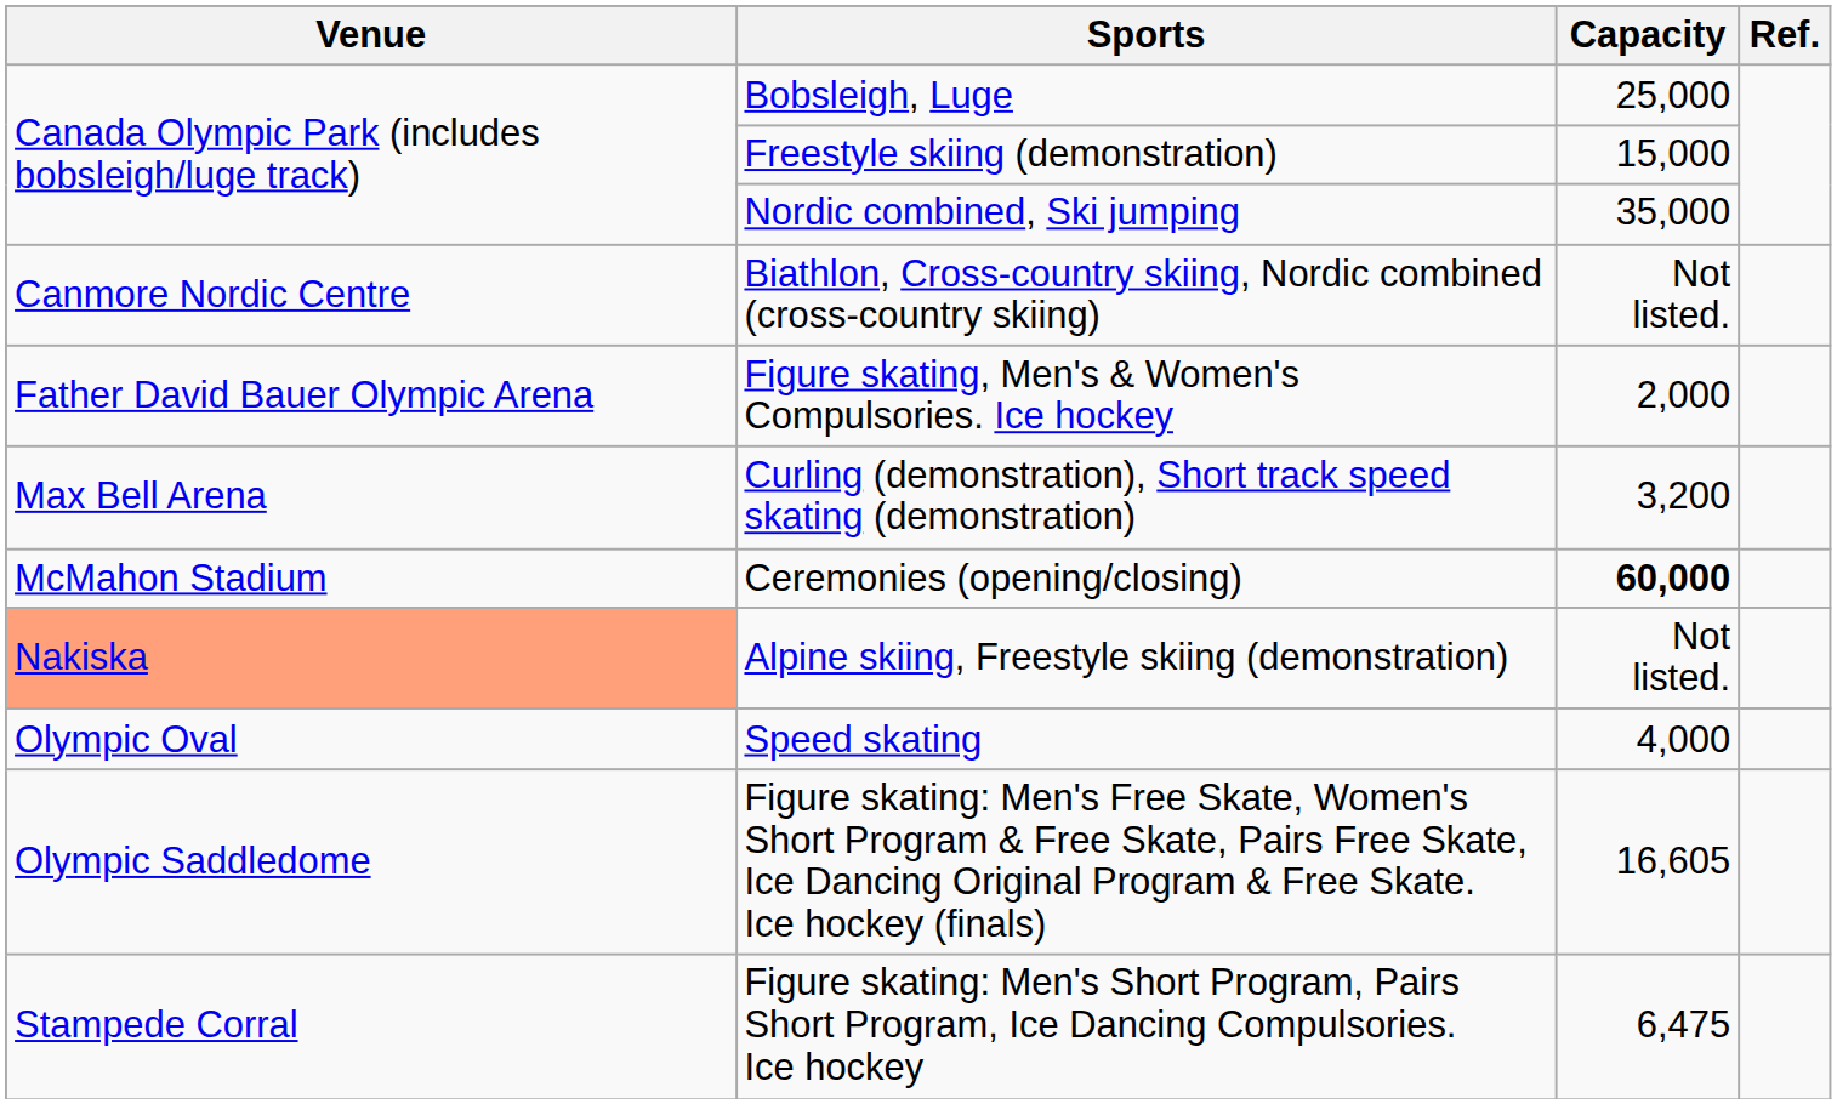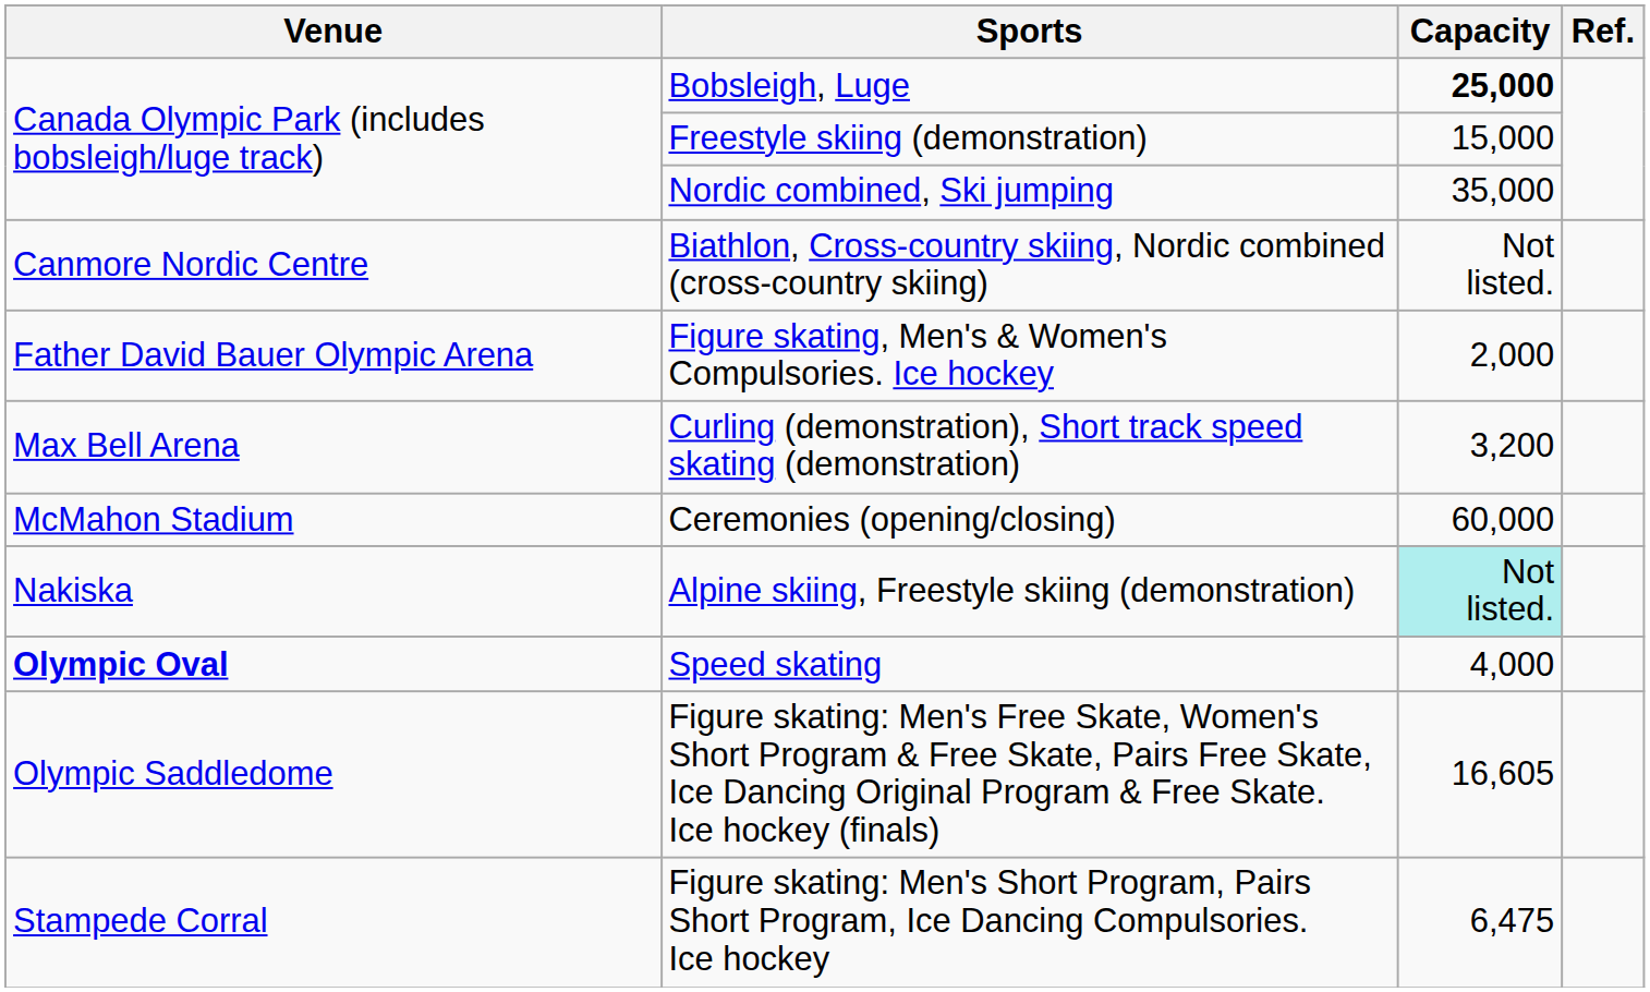 <table class="wikitable sortable" width=780px>
 <tr>
 <th width=40%>Venue</th>
 <th class="unsortable" width=45%>Sports</th>
 <th width=10%>Capacity</th>
 <th class="unsortable">Ref.</th>
 </tr>
 <tr>
 <td rowspan="3"><a href='#'>Canada Olympic Park</a> (includes <a href='#'>bobsleigh/luge track</a>)</td>
 <td><a href='#'>Bobsleigh</a>, <a href='#'>Luge</a></td>
-<td align="right">25,000</td>
+<td align="right"><strong>25,000</strong></td>
 <td rowspan="3" align="center"></td>
 </tr>
 <tr>
 <td><a href='#'>Freestyle skiing</a> (demonstration)</td>
 <td align="right">15,000</td>
 </tr>
 <tr>
 <td><a href='#'>Nordic combined</a>, <a href='#'>Ski jumping</a></td>
 <td align="right">35,000</td>
 </tr>
 <tr>
 <td><a href='#'>Canmore Nordic Centre</a></td>
 <td><a href='#'>Biathlon</a>, <a href='#'>Cross-country skiing</a>, Nordic combined (cross-country skiing)</td>
 <td align="right">Not listed.</td>
 <td align=center></td>
 </tr>
 <tr>
 <td><a href='#'>Father David Bauer Olympic Arena</a></td>
 <td><a href='#'>Figure skating</a>, Men's & Women's Compulsories. <a href='#'>Ice hockey</a></td>
 <td align="right">2,000</td>
 <td align=center></td>
 </tr>
 <tr>
 <td><a href='#'>Max Bell Arena</a></td>
 <td><a href='#'>Curling</a> (demonstration), <a href='#'>Short track speed skating</a> (demonstration)</td>
 <td align="right">3,200</td>
 <td align=center></td>
 </tr>
 <tr>
 <td><a href='#'>McMahon Stadium</a></td>
 <td>Ceremonies (opening/closing)</td>
-<td align="right"><strong>60,000</strong></td>
+<td align="right">60,000</td>
 <td align=center></td>
 </tr>
 <tr>
-<td style="background: lightsalmon;"><a href='#'>Nakiska</a></td>
+<td><a href='#'>Nakiska</a></td>
 <td><a href='#'>Alpine skiing</a>, Freestyle skiing (demonstration)</td>
-<td align="right">Not listed.</td>
+<td align="right" style="background: paleturquoise;">Not listed.</td>
 <td align=center></td>
 </tr>
 <tr>
-<td><a href='#'>Olympic Oval</a></td>
+<td><strong><a href='#'>Olympic Oval</a></strong></td>
 <td><a href='#'>Speed skating</a></td>
 <td align="right">4,000</td>
 <td align=center></td>
 </tr>
 <tr>
 <td><a href='#'>Olympic Saddledome</a></td>
 <td>Figure skating: Men's Free Skate, Women's Short Program & Free Skate, Pairs Free Skate, Ice Dancing Original Program & Free Skate.<br>Ice hockey (finals)</td>
 <td align="right">16,605</td>
 <td align=center></td>
 </tr>
 <tr>
 <td><a href='#'>Stampede Corral</a></td>
 <td>Figure skating: Men's Short Program, Pairs Short Program, Ice Dancing Compulsories.<br>Ice hockey</td>
 <td align="right">6,475</td>
 <td align=center></td>
 </tr>
 </table>
